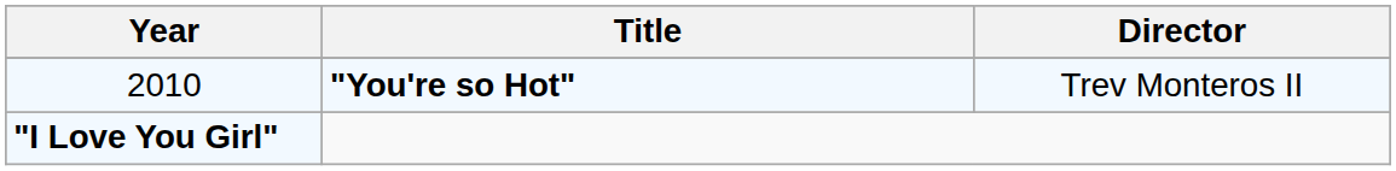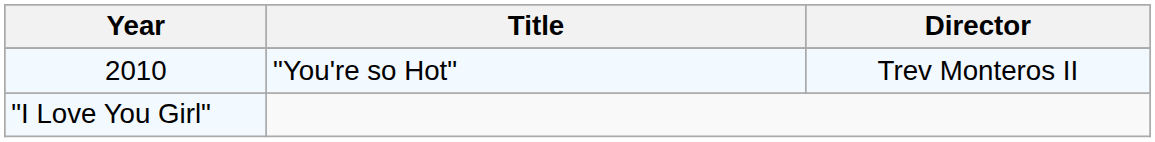 <table class="wikitable">
 <tr>
 <th style="width:9em;">Year</th>
 <th style="width:19em;">Title</th>
 <th style="width:12em;">Director</th>
 </tr>
 <tr>
 </tr>
 <tr bgcolor="#F2F9FF">
 <td align="center" rowspan="2">2010</td>
-<td align="left"><strong>"You're so Hot"</strong></td>
+<td align="left">"You're so Hot"</td>
 <td align="center" rowspan="2">Trev Monteros II</td>
 </tr>
 <tr>
 </tr>
 <tr bgcolor="#F2F9FF">
-<td align="left"><strong>"I Love You Girl"</strong></td>
+<td align="left">"I Love You Girl"</td>
 </tr>
 </table>
